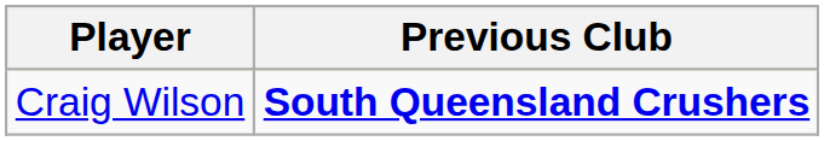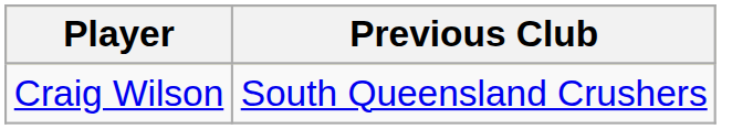 <table class="wikitable">
 <tr style="background:#bdb76b;">
 <th>Player</th>
 <th>Previous Club</th>
 </tr>
 <tr>
 <td><a href='#'>Craig Wilson</a></td>
-<td><strong><a href='#'>South Queensland Crushers</a></strong></td>
+<td><a href='#'>South Queensland Crushers</a></td>
 </tr>
 </table>
